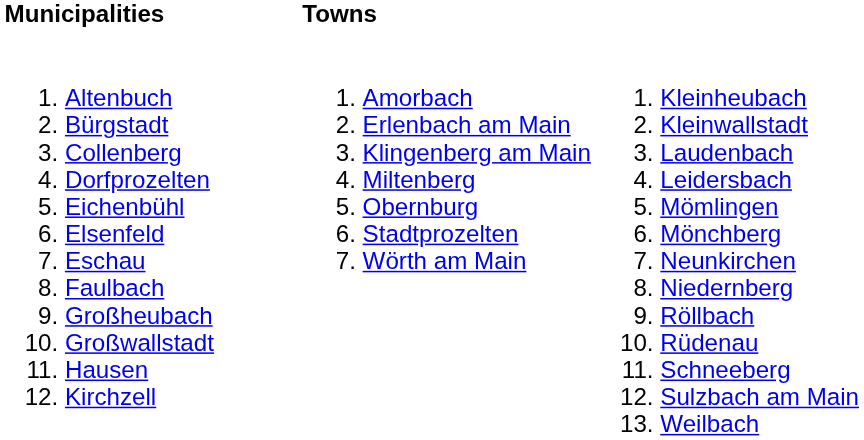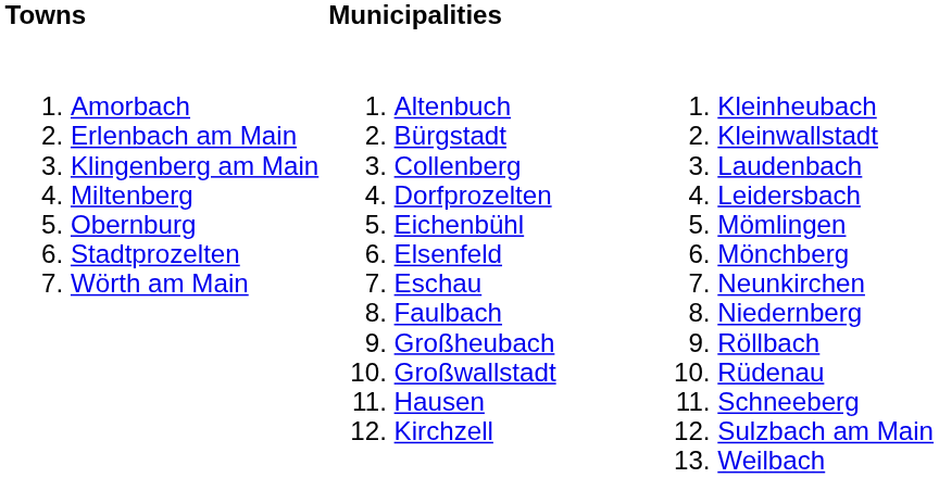 <table>
 <tr>
+<th align=left width=33%>Towns</th>
 <th align=left width=33%>Municipalities</th>
-<th align=left width=33%>Towns</th>
 <th align=left width=33%></th>
 </tr>
 <tr valign=top>
+<td><br><ol><li><a href='#'>Amorbach</a></li><li><a href='#'>Erlenbach am Main</a></li><li><a href='#'>Klingenberg am Main</a></li><li><a href='#'>Miltenberg</a></li><li><a href='#'>Obernburg</a></li><li><a href='#'>Stadtprozelten</a></li><li><a href='#'>Wörth am Main</a></li></ol></td>
 <td><br><ol><li><a href='#'>Altenbuch</a></li><li><a href='#'>Bürgstadt</a></li><li><a href='#'>Collenberg</a></li><li><a href='#'>Dorfprozelten</a></li><li><a href='#'>Eichenbühl</a></li><li><a href='#'>Elsenfeld</a></li><li><a href='#'>Eschau</a></li><li><a href='#'>Faulbach</a></li><li><a href='#'>Großheubach</a></li><li><a href='#'>Großwallstadt</a></li><li><a href='#'>Hausen</a></li><li><a href='#'>Kirchzell</a></li></ol></td>
-<td><br><ol><li><a href='#'>Amorbach</a></li><li><a href='#'>Erlenbach am Main</a></li><li><a href='#'>Klingenberg am Main</a></li><li><a href='#'>Miltenberg</a></li><li><a href='#'>Obernburg</a></li><li><a href='#'>Stadtprozelten</a></li><li><a href='#'>Wörth am Main</a></li></ol></td>
 <td><br><ol> <li><a href='#'>Kleinheubach</a> <li><a href='#'>Kleinwallstadt</a> <li><a href='#'>Laudenbach</a> <li><a href='#'>Leidersbach</a> <li><a href='#'>Mömlingen</a> <li><a href='#'>Mönchberg</a> <li><a href='#'>Neunkirchen</a> <li><a href='#'>Niedernberg</a> <li><a href='#'>Röllbach</a> <li><a href='#'>Rüdenau</a> <li><a href='#'>Schneeberg</a> <li><a href='#'>Sulzbach am Main</a> <li><a href='#'>Weilbach</a> </ol></td>
 </tr>
 </table>
